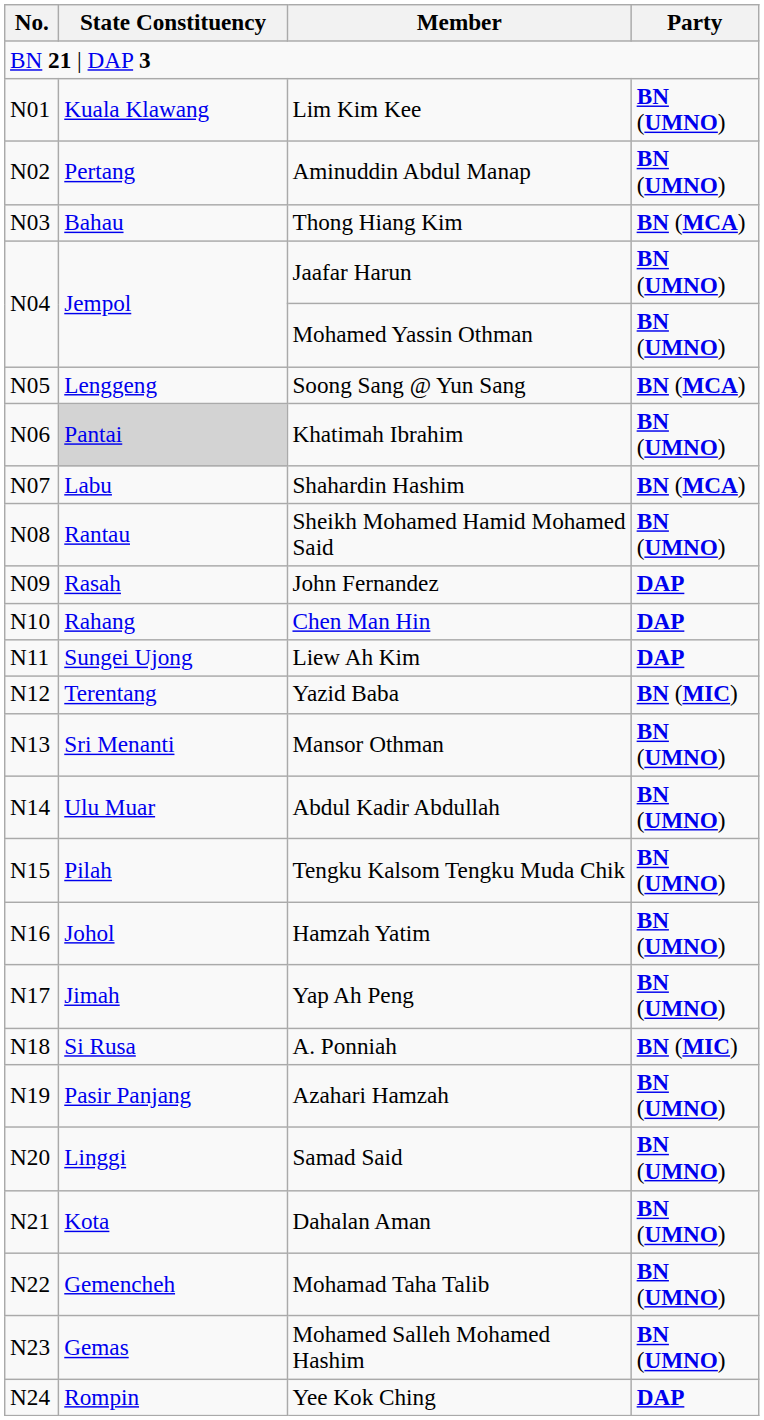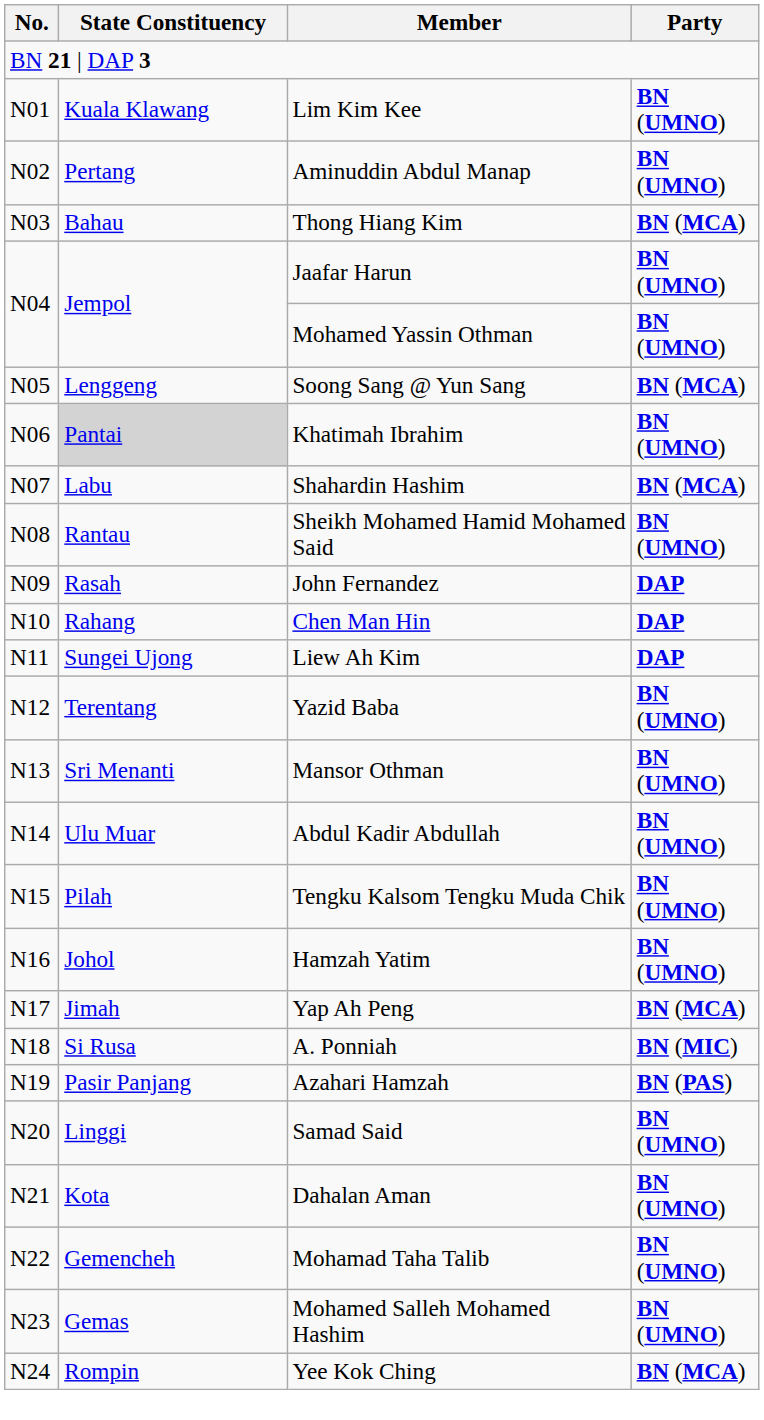 <table class="wikitable sortable">
 <tr>
 <th style="width:30px;">No.</th>
 <th style="width:150px;">State Constituency</th>
 <th style="width:230px;">Member</th>
 <th style="width:80px;">Party</th>
 </tr>
 <tr>
 <td colspan="4"><a href='#'>BN</a> <strong>21</strong> | <a href='#'>DAP</a> <strong>3</strong></td>
 </tr>
 <tr>
 <td>N01</td>
 <td><a href='#'>Kuala Klawang</a></td>
 <td>Lim Kim Kee</td>
 <td><strong><a href='#'>BN</a></strong> (<strong><a href='#'>UMNO</a></strong>)</td>
 </tr>
 <tr>
 <td>N02</td>
 <td><a href='#'>Pertang</a></td>
 <td>Aminuddin Abdul Manap</td>
 <td><strong><a href='#'>BN</a></strong> (<strong><a href='#'>UMNO</a></strong>)</td>
 </tr>
 <tr>
 <td>N03</td>
 <td><a href='#'>Bahau</a></td>
 <td>Thong Hiang Kim</td>
 <td><strong><a href='#'>BN</a></strong> (<strong><a href='#'>MCA</a></strong>)</td>
 </tr>
 <tr>
 <td rowspan=2>N04</td>
 <td rowspan=2><a href='#'>Jempol</a></td>
 <td>Jaafar Harun </td>
 <td><strong><a href='#'>BN</a></strong> (<strong><a href='#'>UMNO</a></strong>)</td>
 </tr>
 <tr>
 <td>Mohamed Yassin Othman </td>
 <td><strong><a href='#'>BN</a></strong> (<strong><a href='#'>UMNO</a></strong>)</td>
 </tr>
 <tr>
 <td>N05</td>
 <td><a href='#'>Lenggeng</a></td>
 <td>Soong Sang @ Yun Sang</td>
 <td><strong><a href='#'>BN</a></strong> (<strong><a href='#'>MCA</a></strong>)</td>
 </tr>
 <tr>
 <td>N06</td>
 <td style="background: lightgrey;"><a href='#'>Pantai</a></td>
 <td>Khatimah Ibrahim</td>
 <td><strong><a href='#'>BN</a></strong> (<strong><a href='#'>UMNO</a></strong>)</td>
 </tr>
 <tr>
 <td>N07</td>
 <td><a href='#'>Labu</a></td>
 <td>Shahardin Hashim</td>
 <td><strong><a href='#'>BN</a></strong> (<strong><a href='#'>MCA</a></strong>)</td>
 </tr>
 <tr>
 <td>N08</td>
 <td><a href='#'>Rantau</a></td>
 <td>Sheikh Mohamed Hamid Mohamed Said</td>
 <td><strong><a href='#'>BN</a></strong> (<strong><a href='#'>UMNO</a></strong>)</td>
 </tr>
 <tr>
 <td>N09</td>
 <td><a href='#'>Rasah</a></td>
 <td>John Fernandez</td>
 <td><strong><a href='#'>DAP</a></strong></td>
 </tr>
 <tr>
 <td>N10</td>
 <td><a href='#'>Rahang</a></td>
 <td><a href='#'>Chen Man Hin</a></td>
 <td><strong><a href='#'>DAP</a></strong></td>
 </tr>
 <tr>
 <td>N11</td>
 <td><a href='#'>Sungei Ujong</a></td>
 <td>Liew Ah Kim</td>
 <td><strong><a href='#'>DAP</a></strong></td>
 </tr>
 <tr>
 <td>N12</td>
 <td><a href='#'>Terentang</a></td>
 <td>Yazid Baba</td>
-<td><strong><a href='#'>BN</a></strong> (<strong><a href='#'>MIC</a></strong>)</td>
+<td><strong><a href='#'>BN</a></strong> (<strong><a href='#'>UMNO</a></strong>)</td>
 </tr>
 <tr>
 <td>N13</td>
 <td><a href='#'>Sri Menanti</a></td>
 <td>Mansor Othman</td>
 <td><strong><a href='#'>BN</a></strong> (<strong><a href='#'>UMNO</a></strong>)</td>
 </tr>
 <tr>
 <td>N14</td>
 <td><a href='#'>Ulu Muar</a></td>
 <td>Abdul Kadir Abdullah</td>
 <td><strong><a href='#'>BN</a></strong> (<strong><a href='#'>UMNO</a></strong>)</td>
 </tr>
 <tr>
 <td>N15</td>
 <td><a href='#'>Pilah</a></td>
 <td>Tengku Kalsom Tengku Muda Chik</td>
 <td><strong><a href='#'>BN</a></strong> (<strong><a href='#'>UMNO</a></strong>)</td>
 </tr>
 <tr>
 <td>N16</td>
 <td><a href='#'>Johol</a></td>
 <td>Hamzah Yatim</td>
 <td><strong><a href='#'>BN</a></strong> (<strong><a href='#'>UMNO</a></strong>)</td>
 </tr>
 <tr>
 <td>N17</td>
 <td><a href='#'>Jimah</a></td>
 <td>Yap Ah Peng</td>
-<td><strong><a href='#'>BN</a></strong> (<strong><a href='#'>UMNO</a></strong>)</td>
+<td><strong><a href='#'>BN</a></strong> (<strong><a href='#'>MCA</a></strong>)</td>
 </tr>
 <tr>
 <td>N18</td>
 <td><a href='#'>Si Rusa</a></td>
 <td>A. Ponniah</td>
 <td><strong><a href='#'>BN</a></strong> (<strong><a href='#'>MIC</a></strong>)</td>
 </tr>
 <tr>
 <td>N19</td>
 <td><a href='#'>Pasir Panjang</a></td>
 <td>Azahari Hamzah</td>
-<td><strong><a href='#'>BN</a></strong> (<strong><a href='#'>UMNO</a></strong>)</td>
+<td><strong><a href='#'>BN</a></strong> (<strong><a href='#'>PAS</a></strong>)</td>
 </tr>
 <tr>
 <td>N20</td>
 <td><a href='#'>Linggi</a></td>
 <td>Samad Said</td>
 <td><strong><a href='#'>BN</a></strong> (<strong><a href='#'>UMNO</a></strong>)</td>
 </tr>
 <tr>
 <td>N21</td>
 <td><a href='#'>Kota</a></td>
 <td>Dahalan Aman</td>
 <td><strong><a href='#'>BN</a></strong> (<strong><a href='#'>UMNO</a></strong>)</td>
 </tr>
 <tr>
 <td>N22</td>
 <td><a href='#'>Gemencheh</a></td>
 <td>Mohamad Taha Talib</td>
 <td><strong><a href='#'>BN</a></strong> (<strong><a href='#'>UMNO</a></strong>)</td>
 </tr>
 <tr>
 <td>N23</td>
 <td><a href='#'>Gemas</a></td>
 <td>Mohamed Salleh Mohamed Hashim</td>
 <td><strong><a href='#'>BN</a></strong> (<strong><a href='#'>UMNO</a></strong>)</td>
 </tr>
 <tr>
 <td>N24</td>
 <td><a href='#'>Rompin</a></td>
 <td>Yee Kok Ching</td>
-<td><strong><a href='#'>DAP</a></strong></td>
+<td><strong><a href='#'>BN</a></strong> (<strong><a href='#'>MCA</a></strong>)</td>
 </tr>
 </table>
